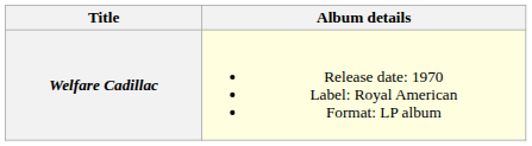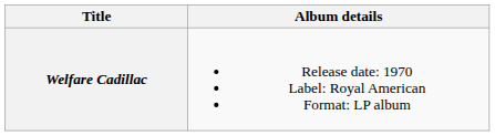 <table class="wikitable plainrowheaders" style="text-align:center;">
 <tr>
 <th style="width:12em;">Title</th>
 <th style="width:20em;">Album details</th>
 </tr>
 <tr>
 <th scope="row"><em>Welfare Cadillac</em></th>
-<td style="background: lightyellow;"><br><ul><li>Release date: 1970</li><li>Label: Royal American</li><li>Format: LP album</li></ul></td>
+<td><br><ul><li>Release date: 1970</li><li>Label: Royal American</li><li>Format: LP album</li></ul></td>
 </tr>
 </table>
